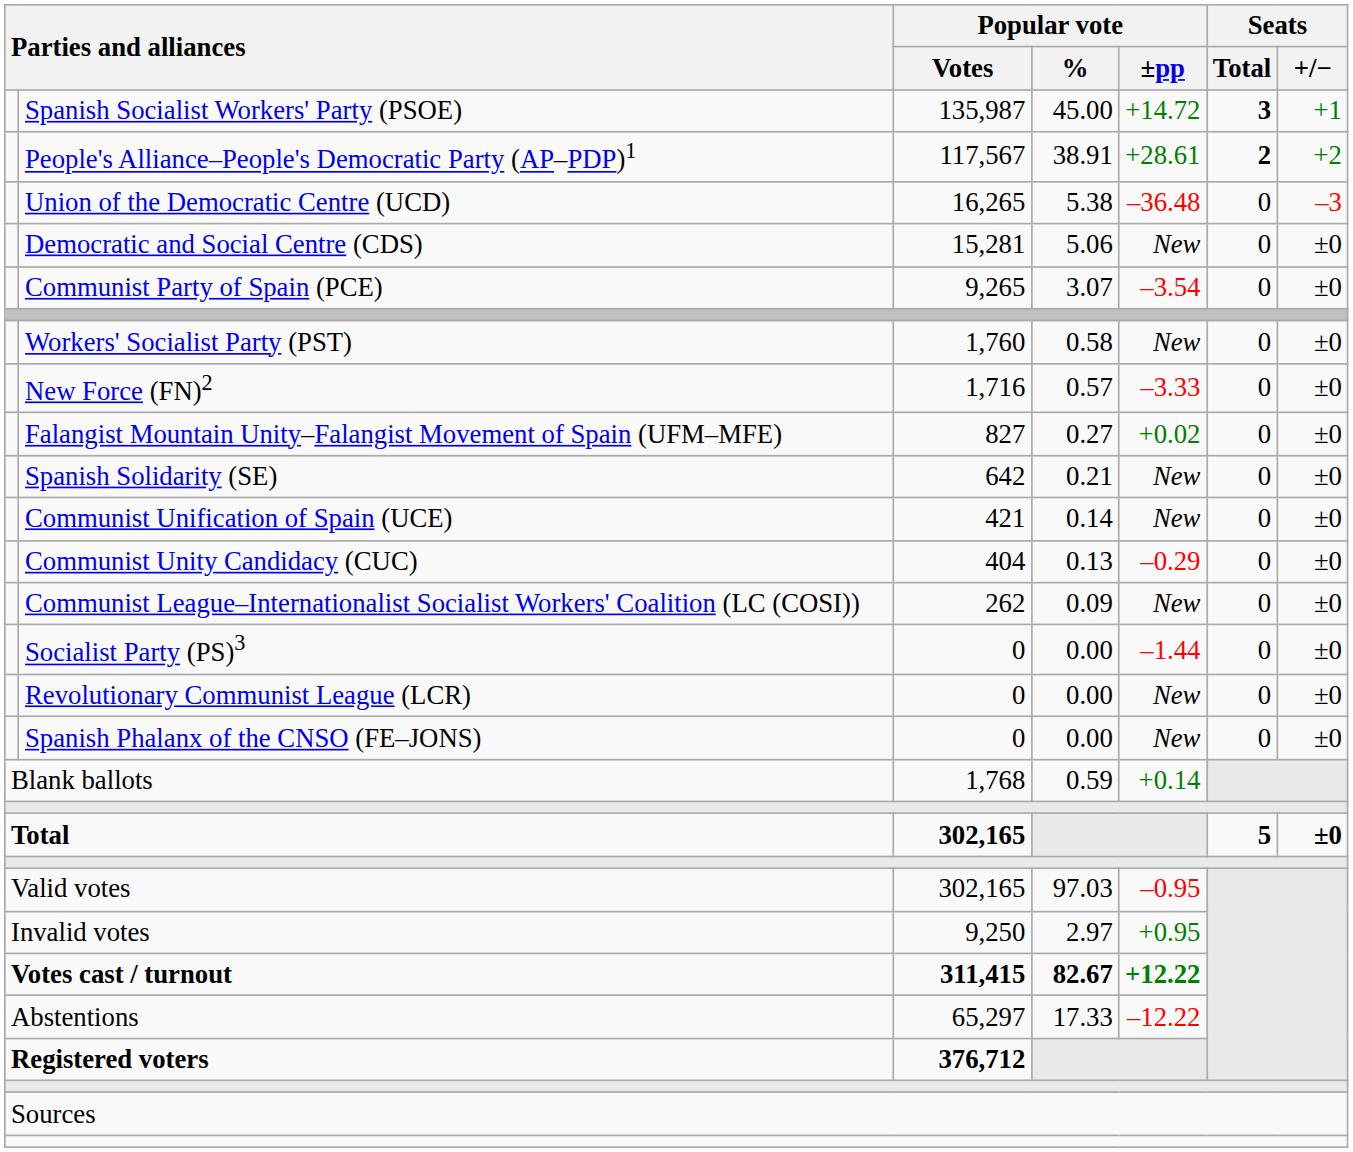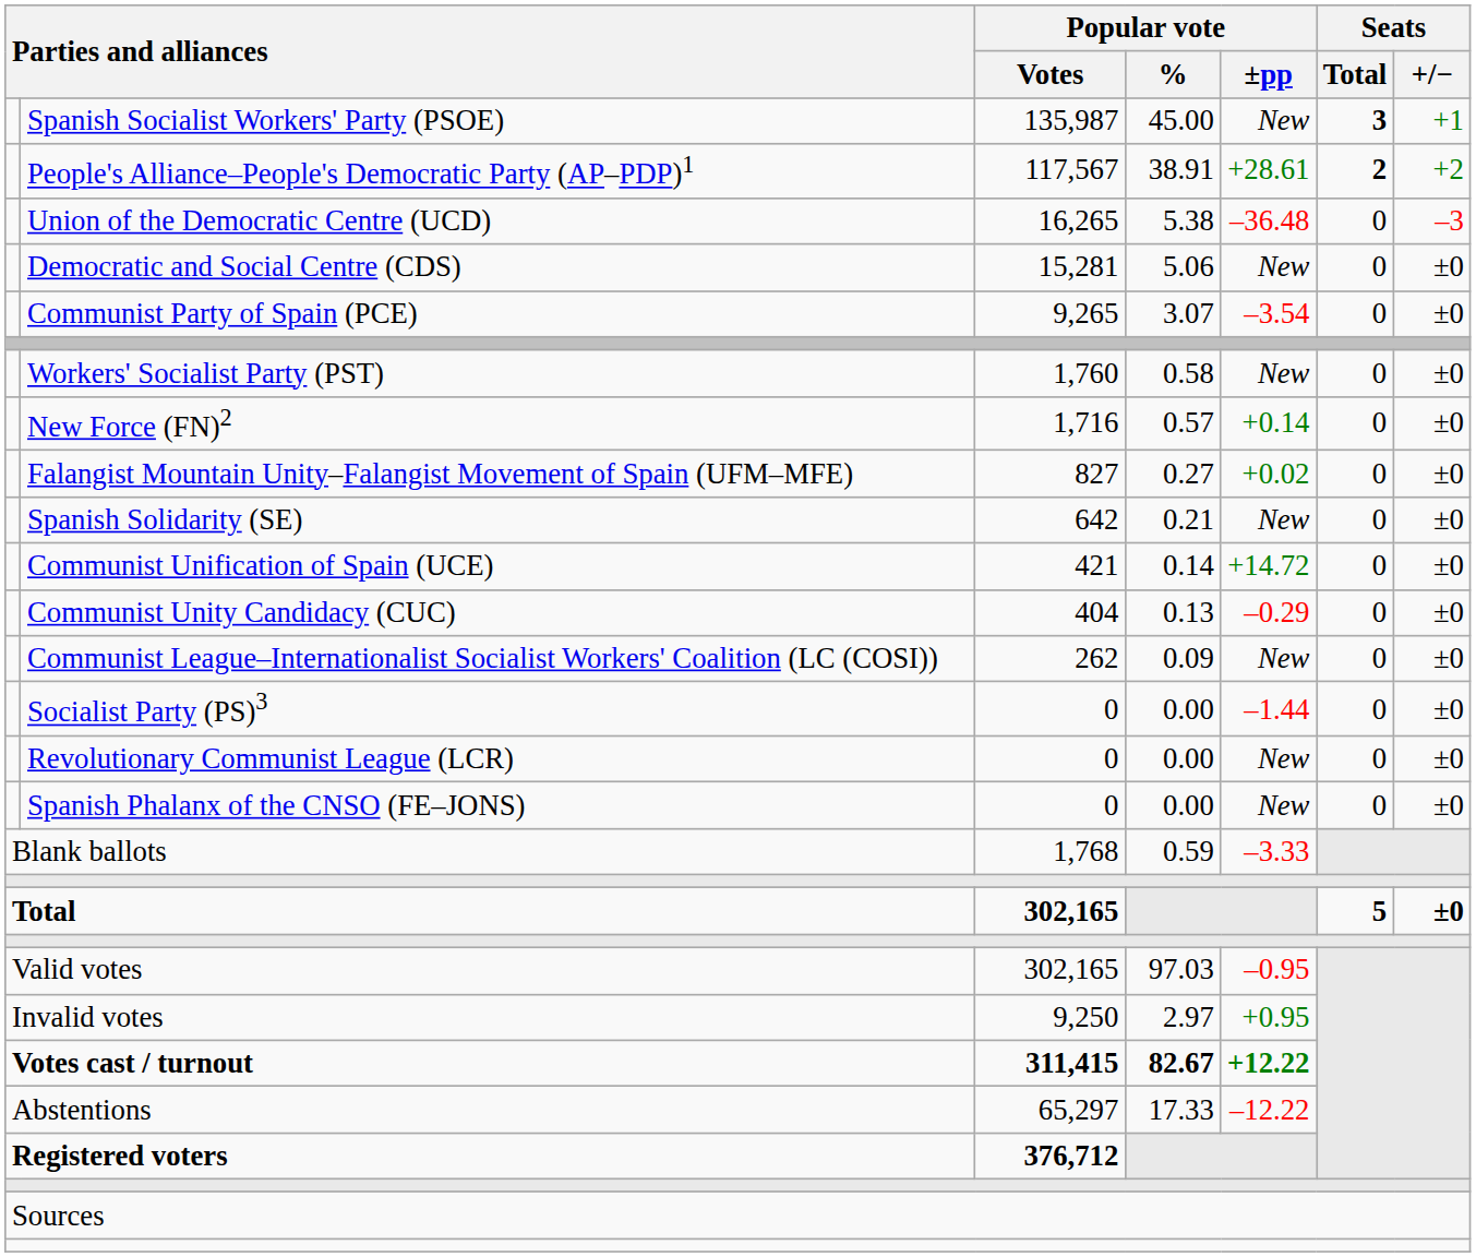 <table class="wikitable" style="text-align:right;">
 <tr>
 <th style="text-align:left;" rowspan="2" colspan="2" width="525">Parties and alliances</th>
 <th colspan="3">Popular vote</th>
 <th colspan="2">Seats</th>
 </tr>
 <tr>
 <th width="75">Votes</th>
 <th width="45">%</th>
 <th width="45">±<a href='#'>pp</a></th>
 <th width="35">Total</th>
 <th width="35">+/−</th>
 </tr>
 <tr>
 <td width="1" style="color:inherit;background:"></td>
 <td align="left"><a href='#'>Spanish Socialist Workers' Party</a> (PSOE)</td>
 <td>135,987</td>
 <td>45.00</td>
-<td style="color:green;">+14.72</td>
+<td><em>New</em></td>
 <td><strong>3</strong></td>
 <td style="color:green;">+1</td>
 </tr>
 <tr>
 <td style="color:inherit;background:"></td>
 <td align="left"><a href='#'>People's Alliance–People's Democratic Party</a> (<a href='#'>AP</a>–<a href='#'>PDP</a>)<sup>1</sup></td>
 <td>117,567</td>
 <td>38.91</td>
 <td style="color:green;">+28.61</td>
 <td><strong>2</strong></td>
 <td style="color:green;">+2</td>
 </tr>
 <tr>
 <td style="color:inherit;background:"></td>
 <td align="left"><a href='#'>Union of the Democratic Centre</a> (UCD)</td>
 <td>16,265</td>
 <td>5.38</td>
 <td style="color:red;">–36.48</td>
 <td>0</td>
 <td style="color:red;">–3</td>
 </tr>
 <tr>
 <td style="color:inherit;background:"></td>
 <td align="left"><a href='#'>Democratic and Social Centre</a> (CDS)</td>
 <td>15,281</td>
 <td>5.06</td>
 <td><em>New</em></td>
 <td>0</td>
 <td>±0</td>
 </tr>
 <tr>
 <td style="color:inherit;background:"></td>
 <td align="left"><a href='#'>Communist Party of Spain</a> (PCE)</td>
 <td>9,265</td>
 <td>3.07</td>
 <td style="color:red;">–3.54</td>
 <td>0</td>
 <td>±0</td>
 </tr>
 <tr>
 <td colspan="7" bgcolor="#C0C0C0"></td>
 </tr>
 <tr>
 <td style="color:inherit;background:"></td>
 <td align="left"><a href='#'>Workers' Socialist Party</a> (PST)</td>
 <td>1,760</td>
 <td>0.58</td>
 <td><em>New</em></td>
 <td>0</td>
 <td>±0</td>
 </tr>
 <tr>
 <td style="color:inherit;background:"></td>
 <td align="left"><a href='#'>New Force</a> (FN)<sup>2</sup></td>
 <td>1,716</td>
 <td>0.57</td>
-<td style="color:red;">–3.33</td>
+<td style="color:green;">+0.14</td>
 <td>0</td>
 <td>±0</td>
 </tr>
 <tr>
 <td style="color:inherit;background:"></td>
 <td align="left"><a href='#'>Falangist Mountain Unity</a>–<a href='#'>Falangist Movement of Spain</a> (UFM–MFE)</td>
 <td>827</td>
 <td>0.27</td>
 <td style="color:green;">+0.02</td>
 <td>0</td>
 <td>±0</td>
 </tr>
 <tr>
 <td style="color:inherit;background:"></td>
 <td align="left"><a href='#'>Spanish Solidarity</a> (SE)</td>
 <td>642</td>
 <td>0.21</td>
 <td><em>New</em></td>
 <td>0</td>
 <td>±0</td>
 </tr>
 <tr>
 <td style="color:inherit;background:"></td>
 <td align="left"><a href='#'>Communist Unification of Spain</a> (UCE)</td>
 <td>421</td>
 <td>0.14</td>
-<td><em>New</em></td>
+<td style="color:green;">+14.72</td>
 <td>0</td>
 <td>±0</td>
 </tr>
 <tr>
 <td style="color:inherit;background:"></td>
 <td align="left"><a href='#'>Communist Unity Candidacy</a> (CUC)</td>
 <td>404</td>
 <td>0.13</td>
 <td style="color:red;">–0.29</td>
 <td>0</td>
 <td>±0</td>
 </tr>
 <tr>
 <td style="color:inherit;background:"></td>
 <td align="left"><a href='#'>Communist League–Internationalist Socialist Workers' Coalition</a> (LC (COSI))</td>
 <td>262</td>
 <td>0.09</td>
 <td><em>New</em></td>
 <td>0</td>
 <td>±0</td>
 </tr>
 <tr>
 <td style="color:inherit;background:"></td>
 <td align="left"><a href='#'>Socialist Party</a> (PS)<sup>3</sup></td>
 <td>0</td>
 <td>0.00</td>
 <td style="color:red;">–1.44</td>
 <td>0</td>
 <td>±0</td>
 </tr>
 <tr>
 <td style="color:inherit;background:"></td>
 <td align="left"><a href='#'>Revolutionary Communist League</a> (LCR)</td>
 <td>0</td>
 <td>0.00</td>
 <td><em>New</em></td>
 <td>0</td>
 <td>±0</td>
 </tr>
 <tr>
 <td style="color:inherit;background:"></td>
 <td align="left"><a href='#'>Spanish Phalanx of the CNSO</a> (FE–JONS)</td>
 <td>0</td>
 <td>0.00</td>
 <td><em>New</em></td>
 <td>0</td>
 <td>±0</td>
 </tr>
 <tr>
 <td align="left" colspan="2">Blank ballots</td>
 <td>1,768</td>
 <td>0.59</td>
-<td style="color:green;">+0.14</td>
+<td style="color:red;">–3.33</td>
 <td bgcolor="#E9E9E9" colspan="2"></td>
 </tr>
 <tr>
 <td colspan="7" bgcolor="#E9E9E9"></td>
 </tr>
 <tr style="font-weight:bold;">
 <td align="left" colspan="2">Total</td>
 <td>302,165</td>
 <td bgcolor="#E9E9E9" colspan="2"></td>
 <td>5</td>
 <td>±0</td>
 </tr>
 <tr>
 <td colspan="7" bgcolor="#E9E9E9"></td>
 </tr>
 <tr>
 <td align="left" colspan="2">Valid votes</td>
 <td>302,165</td>
 <td>97.03</td>
 <td style="color:red;">–0.95</td>
 <td bgcolor="#E9E9E9" colspan="2" rowspan="5"></td>
 </tr>
 <tr>
 <td align="left" colspan="2">Invalid votes</td>
 <td>9,250</td>
 <td>2.97</td>
 <td style="color:green;">+0.95</td>
 </tr>
 <tr style="font-weight:bold;">
 <td align="left" colspan="2">Votes cast / turnout</td>
 <td>311,415</td>
 <td>82.67</td>
 <td style="color:green;">+12.22</td>
 </tr>
 <tr>
 <td align="left" colspan="2">Abstentions</td>
 <td>65,297</td>
 <td>17.33</td>
 <td style="color:red;">–12.22</td>
 </tr>
 <tr style="font-weight:bold;">
 <td align="left" colspan="2">Registered voters</td>
 <td>376,712</td>
 <td bgcolor="#E9E9E9" colspan="2"></td>
 </tr>
 <tr>
 <td colspan="7" bgcolor="#E9E9E9"></td>
 </tr>
 <tr>
 <td align="left" colspan="7">Sources</td>
 </tr>
 <tr>
 <td colspan="7" style="text-align:left; max-width:790px;"></td>
 </tr>
 </table>
